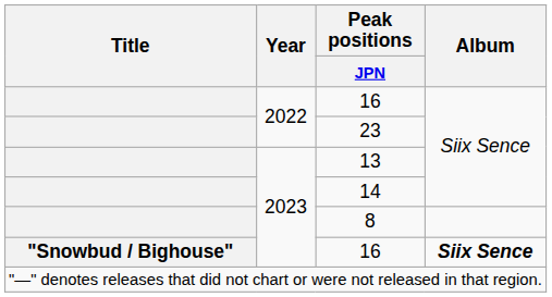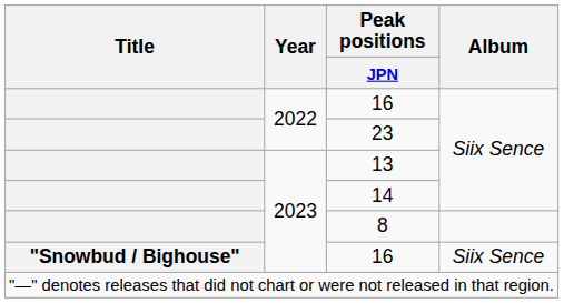 <table class="wikitable plainrowheaders" style="text-align:center;">
 <tr>
 <th scope="col" rowspan="2">Title</th>
 <th scope="col" rowspan="2">Year</th>
 <th scope="col" colspan="1">Peak <br> positions</th>
 <th scope="col" rowspan="2">Album</th>
 </tr>
 <tr>
 <th scope="col"><small><a href='#'>JPN</a></small><br></th>
 </tr>
 <tr>
 <th scope="row"></th>
 <td rowspan="2">2022</td>
 <td>16</td>
 <td rowspan="4"><em>Siix Sence</em></td>
 </tr>
 <tr>
 <th scope="row"></th>
 <td>23</td>
 </tr>
 <tr>
 <th scope="row"></th>
 <td rowspan="4">2023</td>
 <td>13</td>
 </tr>
 <tr>
 <th scope="row"></th>
 <td>14</td>
 </tr>
 <tr>
 <th scope="row"> </th>
 <td>8</td>
 <td></td>
 </tr>
 <tr>
 <th scope="row">"Snowbud / Bighouse"</th>
 <td>16</td>
-<td><strong><em>Siix Sence</em></strong></td>
+<td><em>Siix Sence</em></td>
 </tr>
 <tr>
 <td colspan="5" style="font-size:85%">"—" denotes releases that did not chart or were not released in that region.</td>
 </tr>
 </table>
